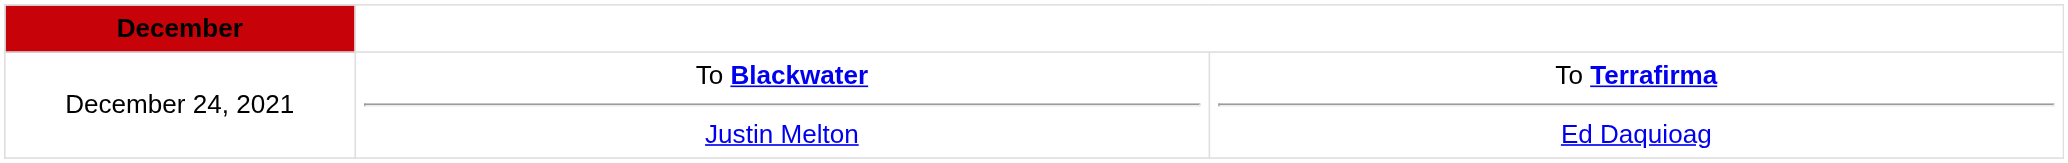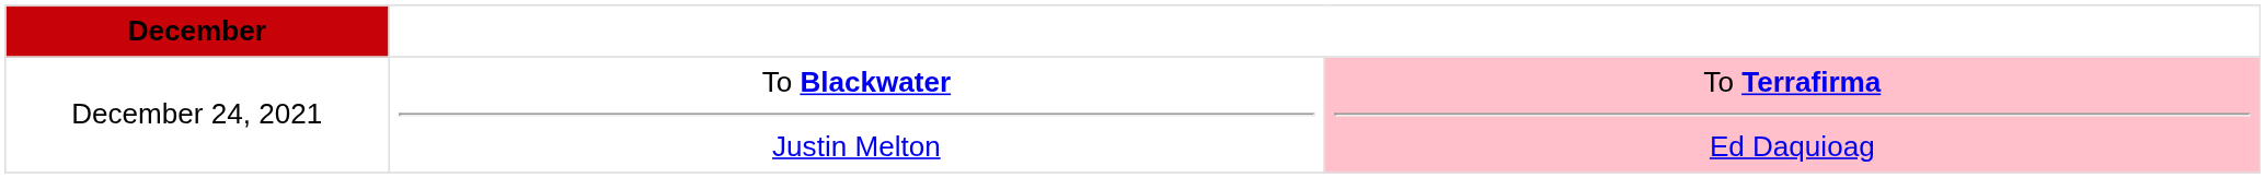 <table border=1 style="border-collapse:collapse; text-align: center; width: 100%" bordercolor="#DFDFDF"  cellpadding="5">
 <tr bgcolor="eeeeee">
 <th style="background:#C70309; color:#000000; ">December</th>
 </tr>
 <tr>
 <td style="width:12%">December 24, 2021</td>
 <td style="width:29.3%" valign="top">To <strong><a href='#'>Blackwater</a></strong><hr><a href='#'>Justin Melton</a></td>
-<td style="width:29.3%" valign="top">To <strong><a href='#'>Terrafirma</a></strong><hr><a href='#'>Ed Daquioag</a></td>
+<td style="background: pink; width:29.3%" valign="top">To <strong><a href='#'>Terrafirma</a></strong><hr><a href='#'>Ed Daquioag</a></td>
 </tr>
 </table>
